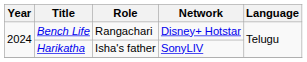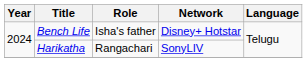 <table class="wikitable sortable">
 <tr>
 <th scope="col">Year</th>
 <th scope="col">Title</th>
 <th scope="col">Role</th>
 <th scope="col">Network</th>
 <th>Language</th>
 </tr>
 <tr>
 <td rowspan="2">2024</td>
 <td><em><a href='#'>Bench Life</a></em></td>
-<td>Rangachari</td>
+<td>Isha's father</td>
 <td><a href='#'>Disney+ Hotstar</a></td>
 <td rowspan="2">Telugu</td>
 </tr>
 <tr>
 <td><a href='#'><em>Harikatha</em></a></td>
-<td>Isha's father</td>
+<td>Rangachari</td>
 <td><a href='#'>SonyLIV</a></td>
 </tr>
 <tr>
 </tr>
 </table>
